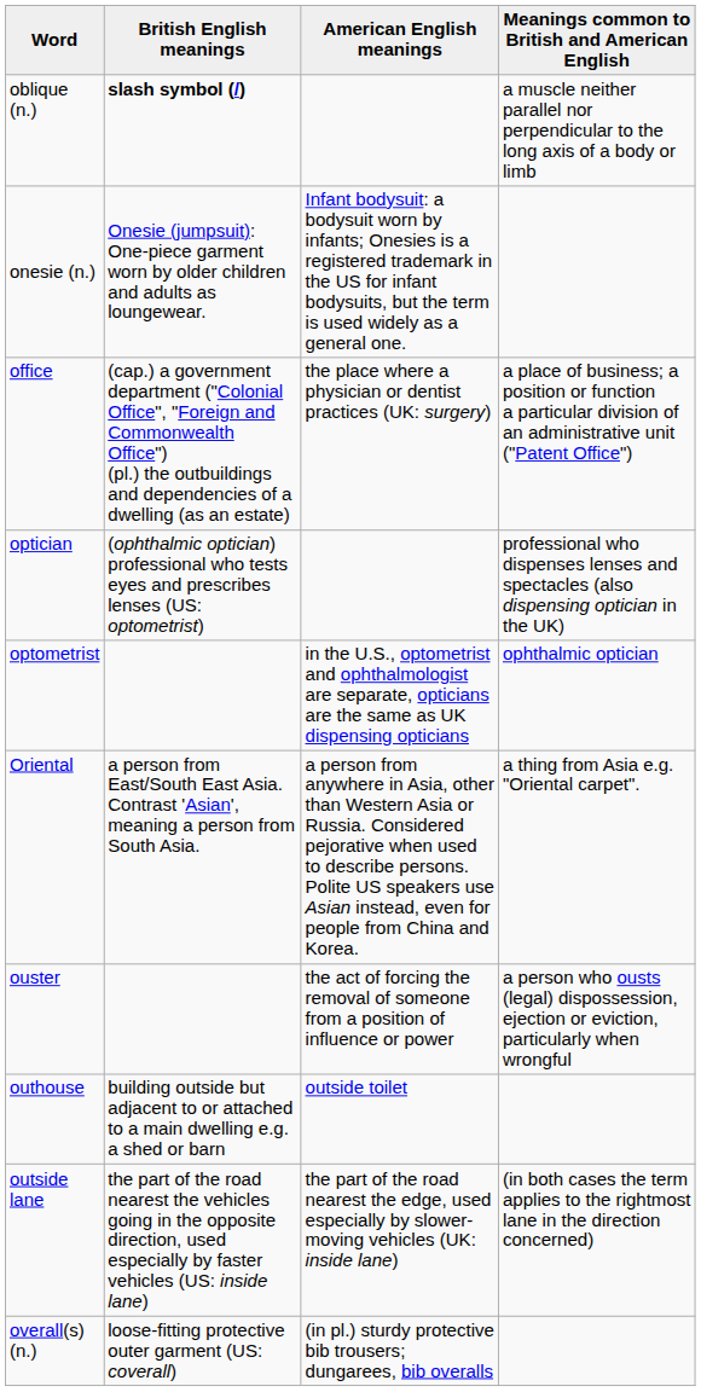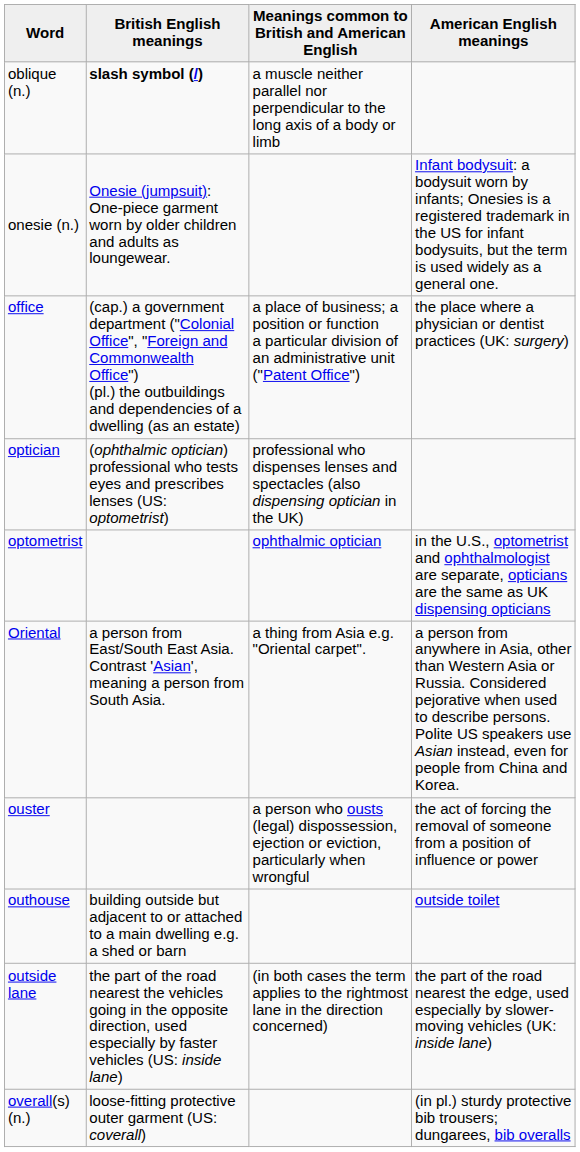 <table class="wikitable">
 <tr>
 <th style="width:10%; background:#efefef;">Word</th>
 <th style="width:30%; background:#efefef;">British English meanings</th>
+<th style="width:30%; background:#efefef;">Meanings common to British and American English</th>
 <th style="width:30%; background:#efefef;">American English meanings</th>
-<th style="width:30%; background:#efefef;">Meanings common to British and American English</th>
 </tr>
 <tr valign="top">
 <td>oblique (n.)</td>
 <td><strong>slash symbol (<a href='#'>/</a>)</strong></td>
+<td>a muscle neither parallel nor perpendicular to the long axis of a body or limb</td>
 <td></td>
-<td>a muscle neither parallel nor perpendicular to the long axis of a body or limb</td>
 </tr>
 <tr>
 <td>onesie (n.)</td>
 <td><a href='#'>Onesie (jumpsuit)</a>: One-piece garment worn by older children and adults as loungewear.</td>
+<td></td>
 <td><a href='#'>Infant bodysuit</a>: a bodysuit worn by infants; Onesies is a registered trademark in the US for infant bodysuits, but the term is used widely as a general one.</td>
-<td></td>
 </tr>
 <tr valign="top">
 <td><a href='#'>office</a></td>
 <td>(cap.) a government department ("<a href='#'>Colonial Office</a>", "<a href='#'>Foreign and Commonwealth Office</a>")<br>(pl.) the outbuildings and dependencies of a dwelling (as an estate)</td>
+<td>a place of business; a position or function<br>a particular division of an administrative unit ("<a href='#'>Patent Office</a>")</td>
 <td>the place where a physician or dentist practices (UK: <em>surgery</em>)</td>
-<td>a place of business; a position or function<br>a particular division of an administrative unit ("<a href='#'>Patent Office</a>")</td>
 </tr>
 <tr valign="top">
 <td><a href='#'>optician</a></td>
 <td>(<em>ophthalmic optician</em>) professional who tests eyes and prescribes lenses (US: <em>optometrist</em>)</td>
+<td>professional who dispenses lenses and spectacles (also <em>dispensing optician</em> in the UK)</td>
 <td></td>
-<td>professional who dispenses lenses and spectacles (also <em>dispensing optician</em> in the UK)</td>
 </tr>
 <tr valign="top">
 <td><a href='#'>optometrist</a></td>
 <td> </td>
+<td><a href='#'>ophthalmic optician</a></td>
 <td>in the U.S., <a href='#'>optometrist</a> and <a href='#'>ophthalmologist</a> are separate, <a href='#'>opticians</a> are the same as UK <a href='#'>dispensing opticians</a></td>
-<td><a href='#'>ophthalmic optician</a></td>
 </tr>
 <tr valign="top">
 <td><a href='#'>Oriental</a></td>
 <td>a person from East/South East Asia. Contrast '<a href='#'>Asian</a>', meaning a person from South Asia.</td>
+<td>a thing from Asia e.g. "Oriental carpet".</td>
 <td>a person from anywhere in Asia, other than Western Asia or Russia. Considered pejorative when used to describe persons. Polite US speakers use <em>Asian</em> instead, even for people from China and Korea.</td>
-<td>a thing from Asia e.g. "Oriental carpet".</td>
 </tr>
 <tr valign="top">
 <td><a href='#'>ouster</a></td>
 <td></td>
+<td>a person who <a href='#'>ousts</a><br>(legal) dispossession, ejection or eviction, particularly when wrongful </td>
 <td>the act of forcing the removal of someone from a position of influence or power</td>
-<td>a person who <a href='#'>ousts</a><br>(legal) dispossession, ejection or eviction, particularly when wrongful </td>
 </tr>
 <tr valign="top">
 <td><a href='#'>outhouse</a></td>
 <td>building outside but adjacent to or attached to a main dwelling e.g. a shed or barn</td>
+<td> </td>
 <td><a href='#'>outside toilet</a></td>
-<td> </td>
 </tr>
 <tr valign="top">
 <td><a href='#'>outside lane</a></td>
 <td>the part of the road nearest the vehicles going in the opposite direction, used especially by faster vehicles (US: <em>inside lane</em>)</td>
+<td>(in both cases the term applies to the rightmost lane in the direction concerned)</td>
 <td>the part of the road nearest the edge, used especially by slower-moving vehicles (UK: <em>inside lane</em>)</td>
-<td>(in both cases the term applies to the rightmost lane in the direction concerned)</td>
 </tr>
 <tr valign="top">
 <td><a href='#'>overall</a>(s) (n.)</td>
 <td>loose-fitting protective outer garment (US: <em>coverall</em>)</td>
+<td> </td>
 <td>(in pl.) sturdy protective bib trousers; dungarees, <a href='#'>bib overalls</a></td>
-<td> </td>
 </tr>
 </table>
